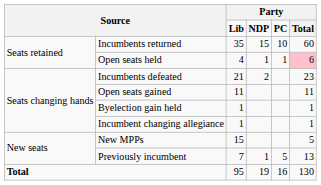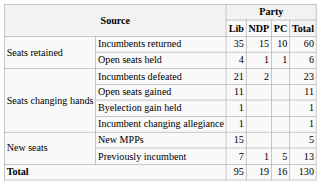 <table class="wikitable" style="text-align:right;">
 <tr>
 <th colspan="2" rowspan="2">Source</th>
 <th colspan="4">Party</th>
 </tr>
 <tr>
 <td><strong>Lib</strong></td>
 <td><strong>NDP</strong></td>
 <td><strong>PC</strong></td>
 <th>Total</th>
 </tr>
 <tr>
 <td rowspan="2" style="text-align:left;">Seats retained</td>
 <td style="text-align:left;">Incumbents returned</td>
 <td>35</td>
 <td>15</td>
 <td>10</td>
 <td>60</td>
 </tr>
 <tr>
 <td style="text-align:left;">Open seats held</td>
 <td>4</td>
 <td>1</td>
 <td>1</td>
-<td style="background: pink;">6</td>
+<td>6</td>
 </tr>
 <tr>
 <td rowspan="4" style="text-align:left;">Seats changing hands</td>
 <td style="text-align:left;">Incumbents defeated</td>
 <td>21</td>
 <td>2</td>
 <td></td>
 <td>23</td>
 </tr>
 <tr>
 <td style="text-align:left;">Open seats gained</td>
 <td>11</td>
 <td></td>
 <td></td>
 <td>11</td>
 </tr>
 <tr>
 <td style="text-align:left;">Byelection gain held</td>
 <td>1</td>
 <td></td>
 <td></td>
 <td>1</td>
 </tr>
 <tr>
 <td style="text-align:left;">Incumbent changing allegiance</td>
 <td>1</td>
 <td></td>
 <td></td>
 <td>1</td>
 </tr>
 <tr>
 <td rowspan="2" style="text-align:left;">New seats</td>
 <td style="text-align:left;">New MPPs</td>
 <td>15</td>
 <td></td>
 <td></td>
 <td>5</td>
 </tr>
 <tr>
 <td style="text-align:left;">Previously incumbent</td>
 <td>7</td>
 <td>1</td>
 <td>5</td>
 <td>13</td>
 </tr>
 <tr>
 <td colspan="2" style="text-align:left;"><strong>Total</strong></td>
 <td>95</td>
 <td>19</td>
 <td>16</td>
 <td>130</td>
 </tr>
 </table>
